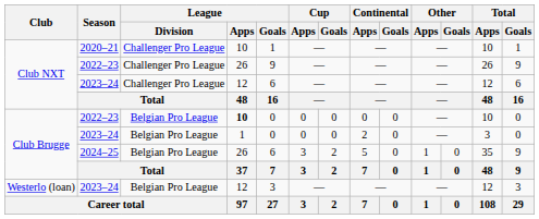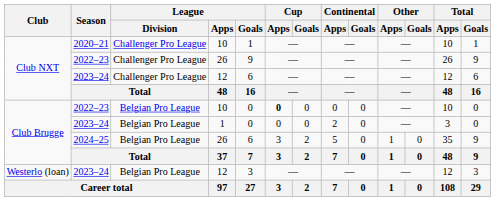 <table class=wikitable style=text-align:center>
 <tr>
 <th rowspan=2>Club</th>
 <th rowspan=2>Season</th>
 <th colspan=3>League</th>
 <th colspan=2>Cup</th>
 <th colspan=2>Continental</th>
 <th colspan=2>Other</th>
 <th colspan=2>Total</th>
 </tr>
 <tr>
 <th>Division</th>
 <th>Apps</th>
 <th>Goals</th>
 <th>Apps</th>
 <th>Goals</th>
 <th>Apps</th>
 <th>Goals</th>
 <th>Apps</th>
 <th>Goals</th>
 <th>Apps</th>
 <th>Goals</th>
 </tr>
 <tr>
 <td rowspan=4><a href='#'>Club NXT</a></td>
 <td><a href='#'>2020–21</a></td>
 <td><a href='#'>Challenger Pro League</a></td>
 <td>10</td>
 <td>1</td>
 <td colspan="2">—</td>
 <td colspan="2">—</td>
 <td colspan="2">—</td>
 <td>10</td>
 <td>1</td>
 </tr>
 <tr>
 <td><a href='#'>2022–23</a></td>
 <td>Challenger Pro League</td>
 <td>26</td>
 <td>9</td>
 <td colspan="2">—</td>
 <td colspan="2">—</td>
 <td colspan="2">—</td>
 <td>26</td>
 <td>9</td>
 </tr>
 <tr>
 <td><a href='#'>2023–24</a></td>
 <td>Challenger Pro League</td>
 <td>12</td>
 <td>6</td>
 <td colspan="2">—</td>
 <td colspan="2">—</td>
 <td colspan="2">—</td>
 <td>12</td>
 <td>6</td>
 </tr>
 <tr>
 <th colspan=2>Total</th>
 <th>48</th>
 <th>16</th>
 <th colspan="2">—</th>
 <th colspan="2">—</th>
 <th colspan="2">—</th>
 <th>48</th>
 <th>16</th>
 </tr>
 <tr>
 <td rowspan=4><a href='#'>Club Brugge</a></td>
 <td><a href='#'>2022–23</a></td>
 <td><a href='#'>Belgian Pro League</a></td>
-<td><strong>10</strong></td>
+<td>10</td>
 <td>0</td>
-<td>0</td>
+<td><strong>0</strong></td>
 <td>0</td>
 <td>0</td>
 <td>0</td>
 <td colspan="2">—</td>
 <td>10</td>
 <td>0</td>
 </tr>
 <tr>
 <td><a href='#'>2023–24</a></td>
 <td>Belgian Pro League</td>
 <td>1</td>
 <td>0</td>
 <td>0</td>
 <td>0</td>
 <td>2</td>
 <td>0</td>
 <td colspan="2">—</td>
 <td>3</td>
 <td>0</td>
 </tr>
 <tr>
 <td><a href='#'>2024–25</a></td>
 <td>Belgian Pro League</td>
 <td>26</td>
 <td>6</td>
 <td>3</td>
 <td>2</td>
 <td>5</td>
 <td>0</td>
 <td>1</td>
 <td>0</td>
 <td>35</td>
 <td>9</td>
 </tr>
 <tr>
 <th colspan=2>Total</th>
 <th>37</th>
 <th>7</th>
 <th>3</th>
 <th>2</th>
 <th>7</th>
 <th>0</th>
 <th>1</th>
 <th>0</th>
 <th>48</th>
 <th>9</th>
 </tr>
 <tr>
 <td><a href='#'>Westerlo</a> (loan)</td>
 <td><a href='#'>2023–24</a></td>
 <td>Belgian Pro League</td>
 <td>12</td>
 <td>3</td>
 <td colspan="2">—</td>
 <td colspan="2">—</td>
 <td colspan="2">—</td>
 <td>12</td>
 <td>3</td>
 </tr>
 <tr>
 <th colspan=3>Career total</th>
 <th>97</th>
 <th>27</th>
 <th>3</th>
 <th>2</th>
 <th>7</th>
 <th>0</th>
 <th>1</th>
 <th>0</th>
 <th>108</th>
 <th>29</th>
 </tr>
 </table>
